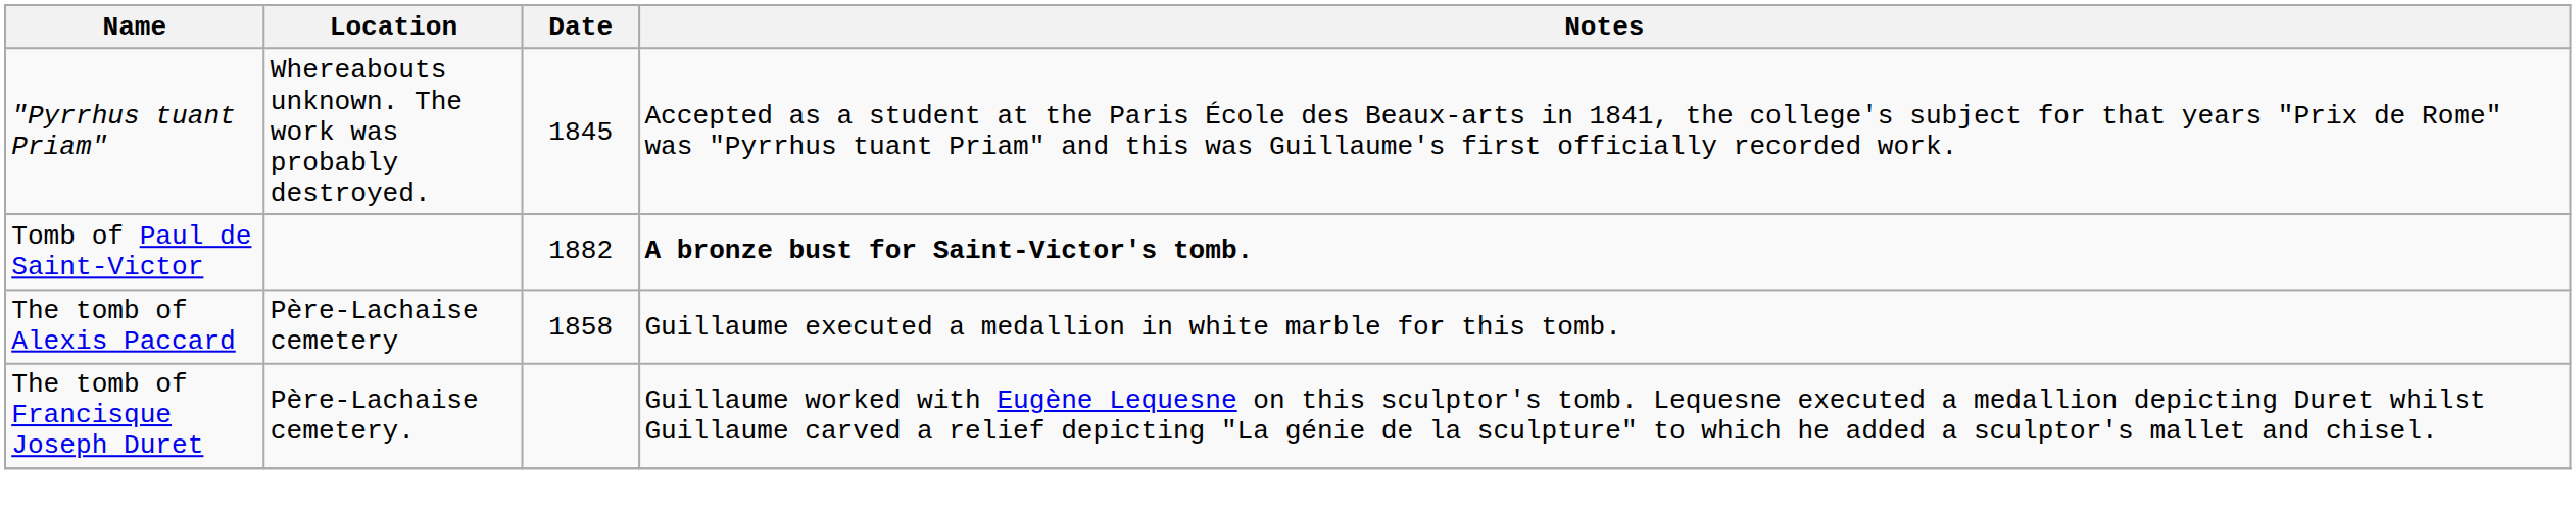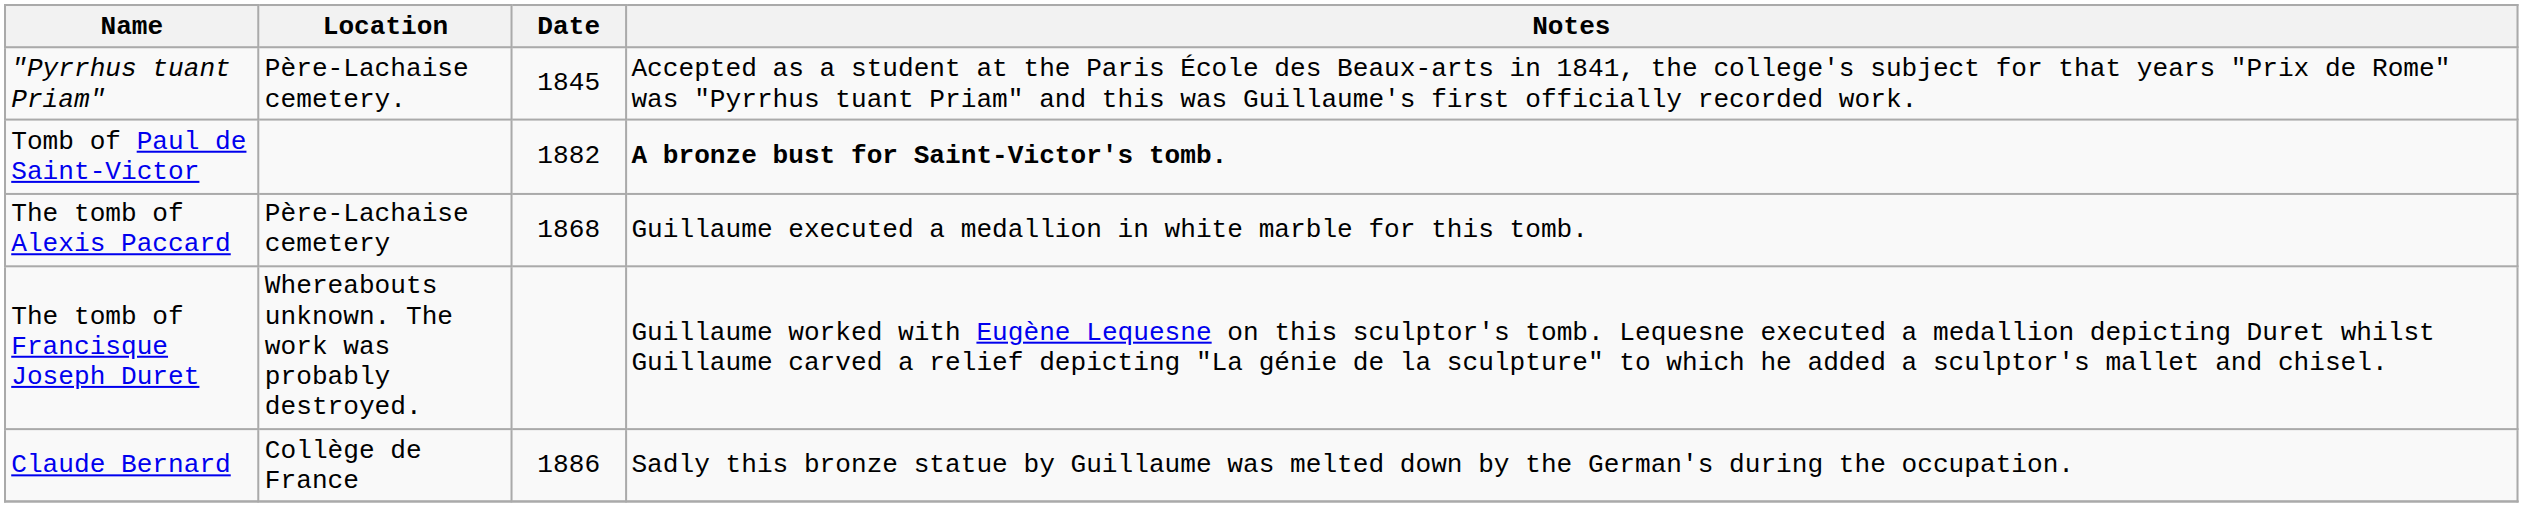 <table class="wikitable sortable plainrowheaders">
 <tr>
 <th style="width:120px">Name</th>
 <th style="width:120px">Location</th>
 <th style="width:50px">Date</th>
 <th class="unsortable">Notes</th>
 </tr>
 <tr>
 <td><em>"Pyrrhus tuant Priam"</em></td>
-<td>Whereabouts unknown. The work was probably destroyed.</td>
+<td>Père-Lachaise cemetery.</td>
 <td align="center">1845</td>
 <td>Accepted as a student at the Paris École des Beaux-arts in 1841, the college's subject for that years "Prix de Rome" was "Pyrrhus tuant Priam" and this was Guillaume's first officially recorded work.</td>
 </tr>
 <tr>
 <td>Tomb of <a href='#'>Paul de Saint-Victor</a></td>
 <td></td>
 <td align="center">1882</td>
 <td><strong>A bronze bust for Saint-Victor's tomb.<br> </strong></td>
 </tr>
 <tr>
 <td>The tomb of <a href='#'>Alexis Paccard</a></td>
 <td>Père-Lachaise cemetery</td>
-<td align="center">1858</td>
+<td align="center">1868</td>
 <td>Guillaume executed a medallion in white marble for this tomb.<br> </td>
 </tr>
 <tr>
 <td>The tomb of <a href='#'>Francisque Joseph Duret</a></td>
-<td>Père-Lachaise cemetery.</td>
+<td>Whereabouts unknown. The work was probably destroyed.</td>
 <td align="center"></td>
 <td>Guillaume worked with <a href='#'>Eugène Lequesne</a> on this sculptor's tomb. Lequesne executed a medallion depicting Duret whilst Guillaume carved a relief depicting "La génie de la sculpture" to which he added a sculptor's mallet and chisel.<br></td>
 </tr>
 <tr>
+<td><a href='#'>Claude Bernard</a></td>
+<td>Collège de France</td>
+<td align="center">1886</td>
+<td>Sadly this bronze statue by Guillaume was melted down by the German's during the occupation.<br></td>
+</tr>
+<tr>
 </tr>
 </table>
